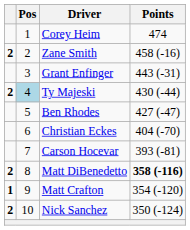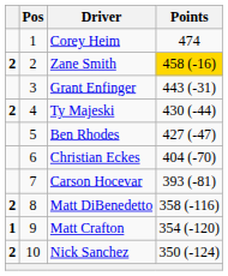 <table class="wikitable" style="font-size: 95%;">
 <tr>
 <th></th>
 <th>Pos</th>
 <th>Driver</th>
 <th>Points</th>
 </tr>
 <tr>
 <td align="left"></td>
 <td style="text-align:center;">1</td>
 <td><a href='#'>Corey Heim</a></td>
 <td style="text-align:center;">474</td>
 </tr>
 <tr>
 <td align="left"> <strong>2</strong></td>
 <td style="text-align:center;">2</td>
 <td><a href='#'>Zane Smith</a></td>
-<td style="text-align:center;">458 (-16)</td>
+<td style="background: gold; text-align:center;">458 (-16)</td>
 </tr>
 <tr>
 <td align="left"></td>
 <td style="text-align:center;">3</td>
 <td><a href='#'>Grant Enfinger</a></td>
 <td style="text-align:center;">443 (-31)</td>
 </tr>
 <tr>
 <td align="left"> <strong>2</strong></td>
-<td style="background: lightblue; text-align:center;">4</td>
+<td style="text-align:center;">4</td>
 <td><a href='#'>Ty Majeski</a></td>
 <td style="text-align:center;">430 (-44)</td>
 </tr>
 <tr>
 <td align="left"></td>
 <td style="text-align:center;">5</td>
 <td><a href='#'>Ben Rhodes</a></td>
 <td style="text-align:center;">427 (-47)</td>
 </tr>
 <tr>
 <td align="left"></td>
 <td style="text-align:center;">6</td>
 <td><a href='#'>Christian Eckes</a></td>
 <td style="text-align:center;">404 (-70)</td>
 </tr>
 <tr>
 <td align="left"></td>
 <td style="text-align:center;">7</td>
 <td><a href='#'>Carson Hocevar</a></td>
 <td style="text-align:center;">393 (-81)</td>
 </tr>
 <tr>
 <td align="left"> <strong>2</strong></td>
 <td style="text-align:center;">8</td>
 <td><a href='#'>Matt DiBenedetto</a></td>
-<td style="text-align:center;"><strong>358 (-116)</strong></td>
+<td style="text-align:center;">358 (-116)</td>
 </tr>
 <tr>
 <td align="left"> <strong>1</strong></td>
 <td style="text-align:center;">9</td>
 <td><a href='#'>Matt Crafton</a></td>
 <td style="text-align:center;">354 (-120)</td>
 </tr>
 <tr>
 <td align="left"> <strong>2</strong></td>
 <td style="text-align:center;">10</td>
 <td><a href='#'>Nick Sanchez</a></td>
 <td style="text-align:center;">350 (-124)</td>
 </tr>
 <tr class="sortbottom">
 <th colspan="9"></th>
 </tr>
 </table>
